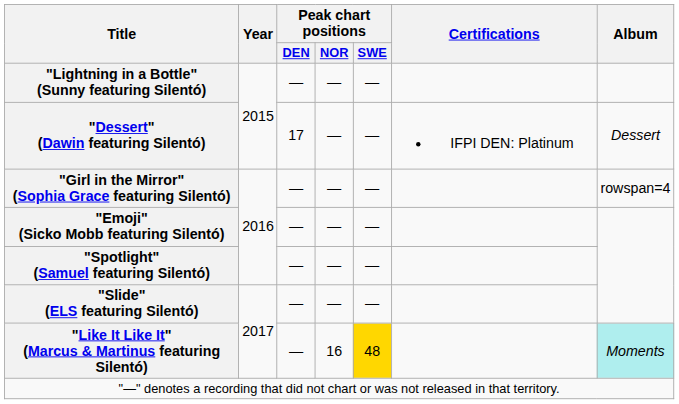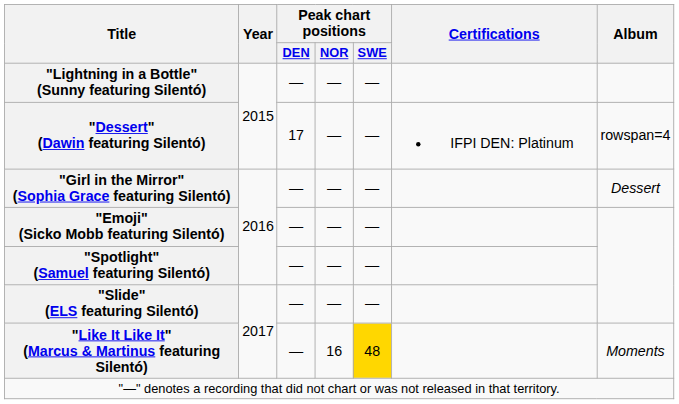 <table class="wikitable plainrowheaders" style="text-align:center;">
 <tr>
 <th scope="col" rowspan="2" style="width:16em;">Title</th>
 <th scope="col" rowspan="2" style="width:1em;">Year</th>
 <th colspan="3">Peak chart positions</th>
 <th scope="col" rowspan="2" style="width:14em;"><a href='#'>Certifications</a></th>
 <th scope="col" rowspan="2">Album</th>
 </tr>
 <tr>
 <th scope="col" style="width:2.5em;font-size:90%;"><a href='#'>DEN</a><br></th>
 <th scope="col" style="width:2.5em;font-size:90%;"><a href='#'>NOR</a><br></th>
 <th scope="col" style="width:2.5em;font-size:90%;"><a href='#'>SWE</a><br></th>
 </tr>
 <tr>
 <th scope="row">"Lightning in a Bottle" <br><span>(Sunny featuring Silentó)</span></th>
 <td rowspan=2>2015</td>
 <td>—</td>
 <td>—</td>
 <td>—</td>
 <td></td>
 <td></td>
 </tr>
 <tr>
 <th scope="row">"<a href='#'>Dessert</a>" <br><span>(<a href='#'>Dawin</a> featuring Silentó)</span></th>
 <td>17</td>
 <td>—</td>
 <td>—</td>
 <td><br><ul><li>IFPI DEN: Platinum</li></ul></td>
-<td><em>Dessert</em></td>
+<td>rowspan=4 </td>
 </tr>
 <tr>
 <th scope="row">"Girl in the Mirror"<br><span>(<a href='#'>Sophia Grace</a> featuring Silentó)</span></th>
 <td rowspan=3>2016</td>
 <td>—</td>
 <td>—</td>
 <td>—</td>
 <td></td>
-<td>rowspan=4 </td>
+<td><em>Dessert</em></td>
 </tr>
 <tr>
 <th scope="row">"Emoji"<br><span>(Sicko Mobb featuring Silentó)</span></th>
 <td>—</td>
 <td>—</td>
 <td>—</td>
 <td></td>
 </tr>
 <tr>
 <th scope="row">"Spotlight"<br><span>(<a href='#'>Samuel</a> featuring Silentó)</span></th>
 <td>—</td>
 <td>—</td>
 <td>—</td>
 <td></td>
 </tr>
 <tr>
 <th scope="row">"Slide"<br><span>(<a href='#'>ELS</a> featuring Silentó)</span></th>
 <td rowspan=2>2017</td>
 <td>—</td>
 <td>—</td>
 <td>—</td>
 <td></td>
 </tr>
 <tr>
 <th scope="row">"<a href='#'>Like It Like It</a>"<br><span>(<a href='#'>Marcus & Martinus</a> featuring Silentó)</span></th>
 <td>—</td>
 <td>16</td>
 <td style="background: gold;">48</td>
 <td></td>
-<td style="background: paleturquoise;"><em>Moments</em></td>
+<td><em>Moments</em></td>
 </tr>
 <tr>
 <td colspan="7" style="font-size:90%">"—" denotes a recording that did not chart or was not released in that territory.</td>
 </tr>
 </table>
